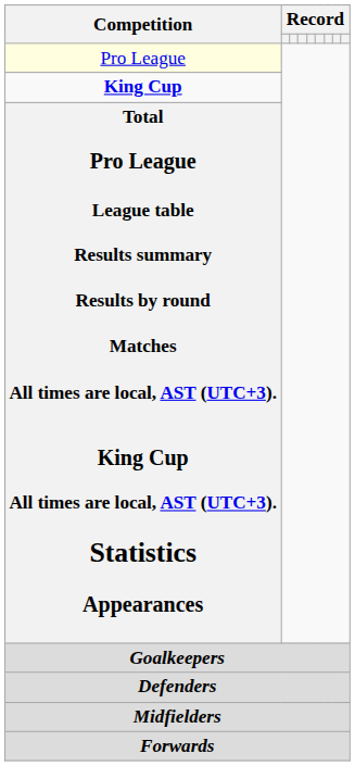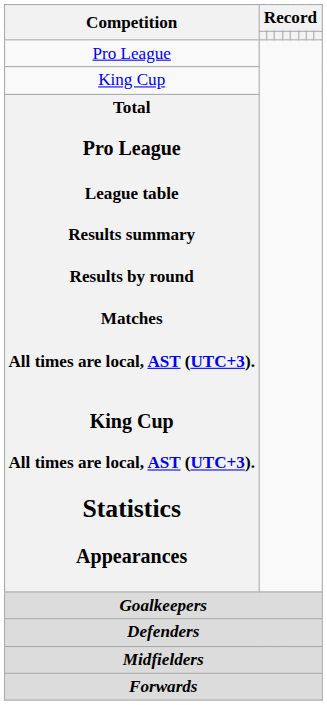 <table class="wikitable" style="text-align: center">
 <tr>
 <th rowspan=2>Competition</th>
 <th colspan=8>Record</th>
 </tr>
 <tr>
 <th></th>
 <th></th>
 <th></th>
 <th></th>
 <th></th>
 <th></th>
 <th></th>
 <th></th>
 </tr>
 <tr>
-<td style="background: lightyellow;"><a href='#'>Pro League</a><br></td>
+<td><a href='#'>Pro League</a><br></td>
 </tr>
 <tr>
-<td><strong><a href='#'>King Cup</a><br></strong></td>
+<td><a href='#'>King Cup</a><br></td>
 </tr>
 <tr>
 <th>Total<br> <h3>Pro League</h3><h4>League table</h4><h4>Results summary</h4> <h4>Results by round</h4><h4>Matches</h4>All times are local, <a href='#'>AST</a> (<a href='#'>UTC+3</a>).<br>   <br>                                 <h3>King Cup</h3> All times are local, <a href='#'>AST</a> (<a href='#'>UTC+3</a>).<br><h2>Statistics</h2><h3>Appearances</h3></th>
 </tr>
 <tr>
 <th colspan=10 style=background:#dcdcdc; text-align:center><em>Goalkeepers</em><br>   </th>
 </tr>
 <tr>
 <th colspan=10 style=background:#dcdcdc; text-align:center><em>Defenders</em><br>       </th>
 </tr>
 <tr>
 <th colspan=10 style=background:#dcdcdc; text-align:center><em>Midfielders</em><br>            </th>
 </tr>
 <tr>
 <th colspan=10 style=background:#dcdcdc; text-align:center><em>Forwards</em><br>   </th>
 </tr>
 </table>
